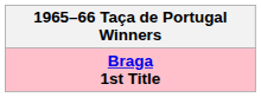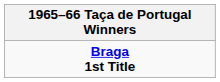 <table class="wikitable" style="text-align: center; margin: 0 auto; width: 20%">
 <tr>
 <th>1965–66 Taça de Portugal Winners</th>
 </tr>
 <tr>
-<td style="background: pink;"><strong><a href='#'>Braga</a></strong><br><strong>1st Title</strong></td>
+<td><strong><a href='#'>Braga</a></strong><br><strong>1st Title</strong></td>
 </tr>
 </table>
